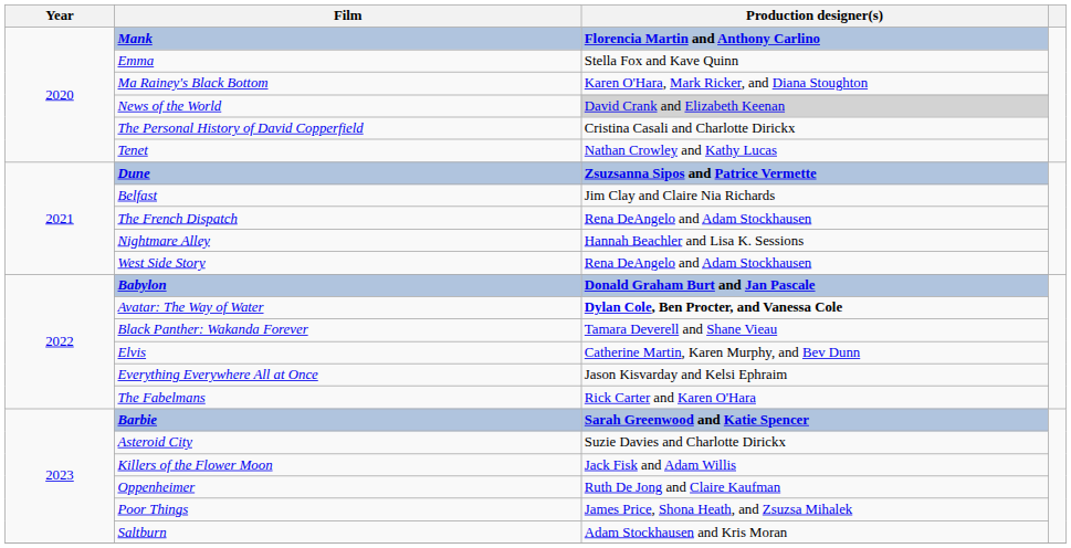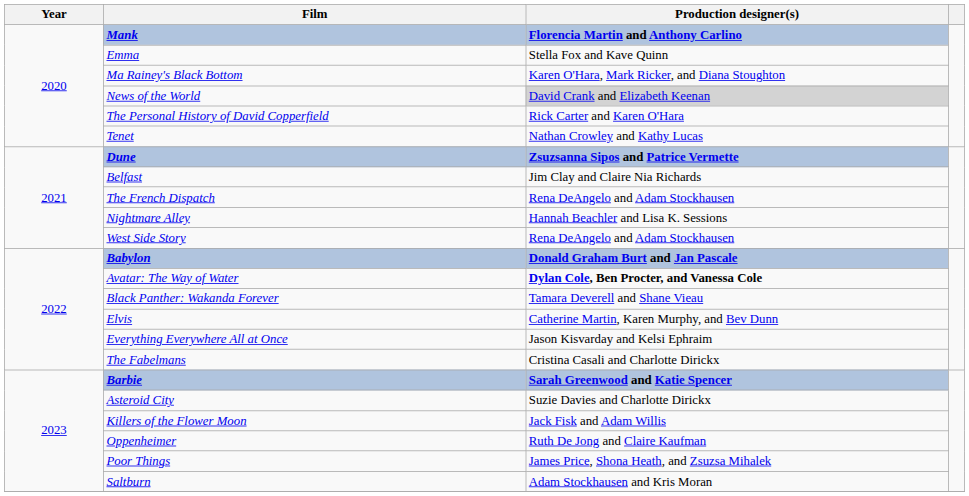 <table class="wikitable" width="95%" cellpadding="5">
 <tr>
 <th width="100"><strong>Year</strong></th>
 <th width="450"><strong>Film</strong></th>
 <th width="450"><strong>Production designer(s)</strong></th>
 <th width="10"></th>
 </tr>
 <tr>
 <td rowspan="6" style="text-align:center;"><a href='#'>2020</a></td>
 <td style="background:#B0C4DE;"><strong><em><a href='#'>Mank</a></em></strong></td>
 <td style="background:#B0C4DE;"><strong><a href='#'>Florencia Martin</a> and <a href='#'>Anthony Carlino</a></strong></td>
 <td style="text-align:center;" rowspan="6"></td>
 </tr>
 <tr>
 <td><em><a href='#'>Emma</a></em></td>
 <td>Stella Fox and Kave Quinn</td>
 </tr>
 <tr>
 <td><em><a href='#'>Ma Rainey's Black Bottom</a></em></td>
 <td><a href='#'>Karen O'Hara</a>, <a href='#'>Mark Ricker</a>, and <a href='#'>Diana Stoughton</a></td>
 </tr>
 <tr>
 <td><em><a href='#'>News of the World</a></em></td>
 <td style="background: lightgrey;"><a href='#'>David Crank</a> and <a href='#'>Elizabeth Keenan</a></td>
 </tr>
 <tr>
 <td><em><a href='#'>The Personal History of David Copperfield</a></em></td>
-<td>Cristina Casali and Charlotte Dirickx</td>
+<td><a href='#'>Rick Carter</a> and <a href='#'>Karen O'Hara</a></td>
 </tr>
 <tr>
 <td><em><a href='#'>Tenet</a></em></td>
 <td><a href='#'>Nathan Crowley</a> and <a href='#'>Kathy Lucas</a></td>
 </tr>
 <tr>
 <td rowspan="5" style="text-align:center;"><a href='#'>2021</a></td>
 <td style="background:#B0C4DE;"><strong><em><a href='#'>Dune</a></em></strong></td>
 <td style="background:#B0C4DE;"><strong><a href='#'>Zsuzsanna Sipos</a> and <a href='#'>Patrice Vermette</a></strong></td>
 <td style="text-align:center;" rowspan="5"></td>
 </tr>
 <tr>
 <td><em><a href='#'>Belfast</a></em></td>
 <td>Jim Clay and Claire Nia Richards</td>
 </tr>
 <tr>
 <td><em><a href='#'>The French Dispatch</a></em></td>
 <td><a href='#'>Rena DeAngelo</a> and <a href='#'>Adam Stockhausen</a></td>
 </tr>
 <tr>
 <td><em><a href='#'>Nightmare Alley</a></em></td>
 <td><a href='#'>Hannah Beachler</a> and Lisa K. Sessions</td>
 </tr>
 <tr>
 <td><em><a href='#'>West Side Story</a></em></td>
 <td><a href='#'>Rena DeAngelo</a> and <a href='#'>Adam Stockhausen</a></td>
 </tr>
 <tr>
 <td rowspan="6" style="text-align:center;"><a href='#'>2022</a></td>
 <td style="background:#B0C4DE;"><strong><em><a href='#'>Babylon</a></em></strong></td>
 <td style="background:#B0C4DE;"><strong><a href='#'>Donald Graham Burt</a> and <a href='#'>Jan Pascale</a></strong></td>
 <td style="text-align:center;" rowspan="6"></td>
 </tr>
 <tr>
 <td><em><a href='#'>Avatar: The Way of Water</a></em></td>
 <td><strong><a href='#'>Dylan Cole</a>, Ben Procter, and Vanessa Cole</strong></td>
 </tr>
 <tr>
 <td><em><a href='#'>Black Panther: Wakanda Forever</a></em></td>
 <td><a href='#'>Tamara Deverell</a> and <a href='#'>Shane Vieau</a></td>
 </tr>
 <tr>
 <td><em><a href='#'>Elvis</a></em></td>
 <td><a href='#'>Catherine Martin</a>, Karen Murphy, and <a href='#'>Bev Dunn</a></td>
 </tr>
 <tr>
 <td><em><a href='#'>Everything Everywhere All at Once</a></em></td>
 <td>Jason Kisvarday and Kelsi Ephraim</td>
 </tr>
 <tr>
 <td><em><a href='#'>The Fabelmans</a></em></td>
-<td><a href='#'>Rick Carter</a> and <a href='#'>Karen O'Hara</a></td>
+<td>Cristina Casali and Charlotte Dirickx</td>
 </tr>
 <tr>
 <td rowspan="6" style="text-align:center;"><a href='#'>2023</a></td>
 <td style="background:#B0C4DE;"><strong><em><a href='#'>Barbie</a></em></strong></td>
 <td style="background:#B0C4DE;"><strong><a href='#'>Sarah Greenwood</a> and <a href='#'>Katie Spencer</a></strong></td>
 <td style="text-align:center;" rowspan="6"></td>
 </tr>
 <tr>
 <td><em><a href='#'>Asteroid City</a></em></td>
 <td>Suzie Davies and Charlotte Dirickx</td>
 </tr>
 <tr>
 <td><em><a href='#'>Killers of the Flower Moon</a></em></td>
 <td><a href='#'>Jack Fisk</a> and <a href='#'>Adam Willis</a></td>
 </tr>
 <tr>
 <td><em><a href='#'>Oppenheimer</a></em></td>
 <td><a href='#'>Ruth De Jong</a> and <a href='#'>Claire Kaufman</a></td>
 </tr>
 <tr>
 <td><em><a href='#'>Poor Things</a></em></td>
 <td><a href='#'>James Price</a>, <a href='#'>Shona Heath</a>, and <a href='#'>Zsuzsa Mihalek</a></td>
 </tr>
 <tr>
 <td><em><a href='#'>Saltburn</a></em></td>
 <td><a href='#'>Adam Stockhausen</a> and Kris Moran</td>
 </tr>
 <tr>
 </tr>
 </table>
